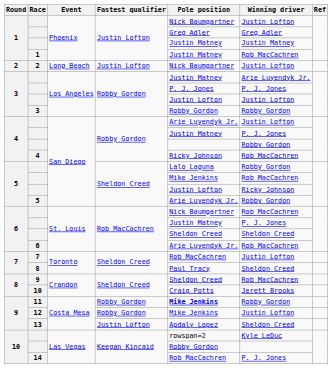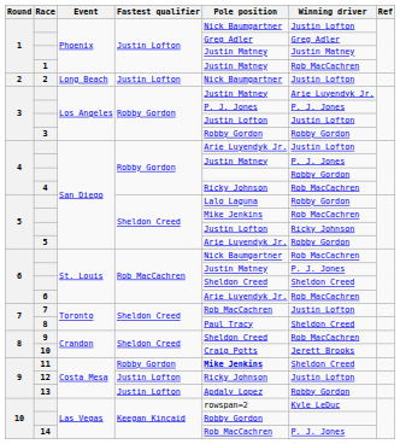 <table class="wikitable" style="font-size: 85%;">
 <tr>
 <th>Round</th>
 <th>Race</th>
 <th>Event</th>
 <th>Fastest qualifier</th>
 <th>Pole position</th>
 <th>Winning driver</th>
 <th>Ref</th>
 </tr>
 <tr>
 <th rowspan=4>1</th>
 <th></th>
 <td rowspan=4><a href='#'>Phoenix</a></td>
 <td rowspan=4> <a href='#'>Justin Lofton</a></td>
 <td> <a href='#'>Nick Baumgartner</a></td>
 <td> <a href='#'>Justin Lofton</a></td>
 <td rowspan=4></td>
 </tr>
 <tr>
 <th></th>
 <td> <a href='#'>Greg Adler</a></td>
 <td> <a href='#'>Greg Adler</a></td>
 </tr>
 <tr>
 <th></th>
 <td> <a href='#'>Justin Matney</a></td>
 <td> <a href='#'>Justin Matney</a></td>
 </tr>
 <tr>
 <th>1</th>
 <td> <a href='#'>Justin Matney</a></td>
 <td> <a href='#'>Rob MacCachren</a></td>
 </tr>
 <tr>
 <th>2</th>
 <th>2</th>
 <td><a href='#'>Long Beach</a></td>
 <td> <a href='#'>Justin Lofton</a></td>
 <td> <a href='#'>Nick Baumgartner</a></td>
 <td> <a href='#'>Justin Lofton</a></td>
 <td></td>
 </tr>
 <tr>
 <th rowspan=4>3</th>
 <th></th>
 <td rowspan=4><a href='#'>Los Angeles</a></td>
 <td rowspan=4> <a href='#'>Robby Gordon</a></td>
 <td> <a href='#'>Justin Matney</a></td>
 <td> <a href='#'>Arie Luyendyk Jr.</a></td>
 <td rowspan=4></td>
 </tr>
 <tr>
 <th></th>
 <td> <a href='#'>P. J. Jones</a></td>
 <td> <a href='#'>P. J. Jones</a></td>
 </tr>
 <tr>
 <th></th>
 <td> <a href='#'>Justin Lofton</a></td>
 <td> <a href='#'>Justin Lofton</a></td>
 </tr>
 <tr>
 <th>3</th>
 <td> <a href='#'>Robby Gordon</a></td>
 <td> <a href='#'>Robby Gordon</a></td>
 </tr>
 <tr>
 <th rowspan=4>4</th>
 <th></th>
 <td rowspan=8><a href='#'>San Diego</a></td>
 <td rowspan=4> <a href='#'>Robby Gordon</a></td>
 <td> <a href='#'>Arie Luyendyk Jr.</a></td>
 <td> <a href='#'>Justin Lofton</a></td>
 <td rowspan=4></td>
 </tr>
 <tr>
 <th></th>
 <td> <a href='#'>Justin Matney</a></td>
 <td> <a href='#'>P. J. Jones</a></td>
 </tr>
 <tr>
 <th></th>
 <td></td>
 <td> <a href='#'>Robby Gordon</a></td>
 </tr>
 <tr>
 <th>4</th>
 <td> <a href='#'>Ricky Johnson</a></td>
 <td> <a href='#'>Rob MacCachren</a></td>
 </tr>
 <tr>
 <th rowspan=4>5</th>
 <th></th>
 <td rowspan=4> <a href='#'>Sheldon Creed</a></td>
 <td> <a href='#'>Lalo Laguna</a></td>
 <td> <a href='#'>Robby Gordon</a></td>
 <td rowspan=4></td>
 </tr>
 <tr>
 <th></th>
 <td> <a href='#'>Mike Jenkins</a></td>
 <td> <a href='#'>Rob MacCachren</a></td>
 </tr>
 <tr>
 <th></th>
 <td> <a href='#'>Justin Lofton</a></td>
 <td> <a href='#'>Ricky Johnson</a></td>
 </tr>
 <tr>
 <th>5</th>
 <td> <a href='#'>Arie Luyendyk Jr.</a></td>
 <td> <a href='#'>Robby Gordon</a></td>
 </tr>
 <tr>
 <th rowspan=4>6</th>
 <th></th>
 <td rowspan=4><a href='#'>St. Louis</a></td>
 <td rowspan=4> <a href='#'>Rob MacCachren</a></td>
 <td> <a href='#'>Nick Baumgartner</a></td>
 <td> <a href='#'>Rob MacCachren</a></td>
 <td rowspan=4></td>
 </tr>
 <tr>
 <th></th>
 <td> <a href='#'>Justin Matney</a></td>
 <td> <a href='#'>P. J. Jones</a></td>
 </tr>
 <tr>
 <th></th>
 <td> <a href='#'>Sheldon Creed</a></td>
 <td> <a href='#'>Sheldon Creed</a></td>
 </tr>
 <tr>
 <th>6</th>
 <td> <a href='#'>Arie Luyendyk Jr.</a></td>
 <td> <a href='#'>Rob MacCachren</a></td>
 </tr>
 <tr>
 <th rowspan=2>7</th>
 <th>7</th>
 <td rowspan=2><a href='#'>Toronto</a></td>
 <td rowspan=2> <a href='#'>Sheldon Creed</a></td>
 <td> <a href='#'>Rob MacCachren</a></td>
 <td> <a href='#'>Justin Lofton</a></td>
 <td></td>
 </tr>
 <tr>
 <th>8</th>
 <td> <a href='#'>Paul Tracy</a></td>
 <td> <a href='#'>Sheldon Creed</a></td>
 <td></td>
 </tr>
 <tr>
 <th rowspan=2>8</th>
 <th>9</th>
 <td rowspan=2><a href='#'>Crandon</a></td>
 <td rowspan=2> <a href='#'>Sheldon Creed</a></td>
 <td> <a href='#'>Sheldon Creed</a></td>
 <td> <a href='#'>Rob MacCachren</a></td>
 <td></td>
 </tr>
 <tr>
 <th>10</th>
 <td> <a href='#'>Craig Potts</a></td>
 <td> <a href='#'>Jerett Brooks</a></td>
 <td></td>
 </tr>
 <tr>
 <th rowspan=3>9</th>
 <th>11</th>
 <td rowspan=3><a href='#'>Costa Mesa</a></td>
 <td> <a href='#'>Robby Gordon</a></td>
 <td><strong> <a href='#'>Mike Jenkins</a></strong></td>
-<td> <a href='#'>Robby Gordon</a></td>
+<td> <a href='#'>Sheldon Creed</a></td>
 <td></td>
 </tr>
 <tr>
 <th>12</th>
-<td> <a href='#'>Robby Gordon</a></td>
-<td> <a href='#'>Mike Jenkins</a></td>
+<td> <a href='#'>Justin Lofton</a></td>
+<td> <a href='#'>Ricky Johnson</a></td>
 <td> <a href='#'>Justin Lofton</a></td>
 <td></td>
 </tr>
 <tr>
 <th>13</th>
 <td> <a href='#'>Justin Lofton</a></td>
 <td> <a href='#'>Apdaly Lopez</a></td>
-<td> <a href='#'>Sheldon Creed</a></td>
+<td> <a href='#'>Robby Gordon</a></td>
 <td></td>
 </tr>
 <tr>
 <th rowspan=3>10</th>
 <th></th>
 <td rowspan=3><a href='#'>Las Vegas</a></td>
 <td rowspan=3> <a href='#'>Keegan Kincaid</a></td>
 <td>rowspan=2 </td>
 <td> <a href='#'>Kyle LeDuc</a></td>
 <td rowspan=3></td>
 </tr>
 <tr>
 <th></th>
 <td> <a href='#'>Robby Gordon</a></td>
 </tr>
 <tr>
 <th>14</th>
 <td> <a href='#'>Rob MacCachren</a></td>
 <td> <a href='#'>P. J. Jones</a></td>
 </tr>
 </table>
